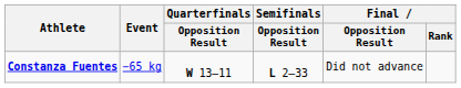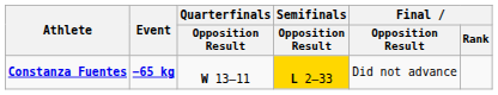 <table class="wikitable" style="font-size:90%;">
 <tr>
 <th rowspan=2>Athlete</th>
 <th rowspan=2>Event</th>
 <th>Quarterfinals</th>
 <th>Semifinals</th>
 <th colspan="2">Final / </th>
 </tr>
 <tr style="font-size:95%">
 <th>Opposition<br>Result</th>
 <th>Opposition<br>Result</th>
 <th>Opposition<br>Result</th>
 <th>Rank</th>
 </tr>
 <tr align=center>
 <td align=left><strong><a href='#'>Constanza Fuentes</a></strong></td>
-<td align=left><a href='#'>−65 kg</a></td>
+<td align=left><strong><a href='#'>−65 kg</a></strong></td>
 <td><br><strong>W</strong> 13–11</td>
-<td><br><strong>L</strong> 2–33</td>
+<td style="background: gold;"><br><strong>L</strong> 2–33</td>
 <td>Did not advance</td>
 <td></td>
 </tr>
 </table>
